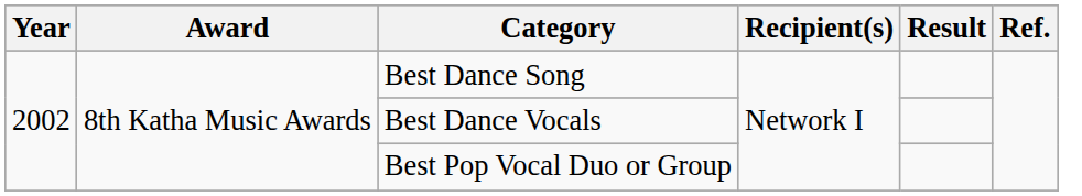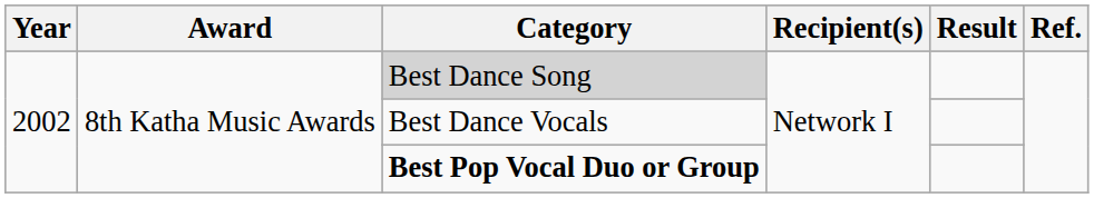 <table class="wikitable sortable">
 <tr>
 <th>Year</th>
 <th>Award</th>
 <th>Category</th>
 <th>Recipient(s)</th>
 <th>Result</th>
 <th><abbr>Ref.</abbr></th>
 </tr>
 <tr>
 <td rowspan="3">2002</td>
 <td rowspan="3">8th Katha Music Awards</td>
-<td>Best Dance Song</td>
+<td style="background: lightgrey;">Best Dance Song</td>
 <td rowspan="3">Network I</td>
 <td></td>
 <td rowspan="3"></td>
 </tr>
 <tr>
 <td>Best Dance Vocals</td>
 <td></td>
 </tr>
 <tr>
-<td>Best Pop Vocal Duo or Group</td>
+<td><strong>Best Pop Vocal Duo or Group</strong></td>
 <td></td>
 </tr>
 </table>
